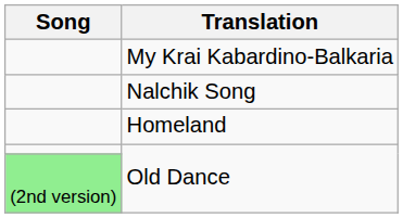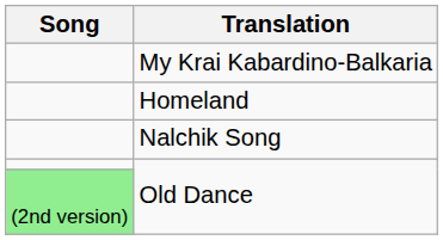 <table class="wikitable">
 <tr>
 <th>Song</th>
 <th>Translation</th>
 </tr>
 <tr>
 <td></td>
 <td>My Krai Kabardino-Balkaria</td>
 </tr>
 <tr>
 <td></td>
-<td>Nalchik Song</td>
+<td>Homeland</td>
 </tr>
 <tr>
 <td></td>
-<td>Homeland</td>
+<td>Nalchik Song</td>
 </tr>
 <tr>
 <td></td>
 <td rowspan="2">Old Dance</td>
 </tr>
 <tr>
 <td style="background: lightgreen;"><br><small>(2nd version)</small></td>
 </tr>
 </table>
